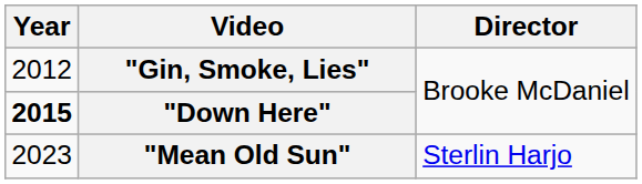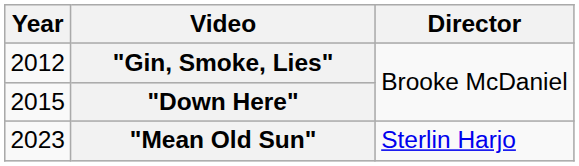 <table class="wikitable plainrowheaders">
 <tr>
 <th>Year</th>
 <th style="width:12em;">Video</th>
 <th>Director</th>
 </tr>
 <tr>
 <td>2012</td>
 <th scope="row">"Gin, Smoke, Lies"</th>
 <td rowspan="2">Brooke McDaniel</td>
 </tr>
 <tr>
-<td><strong>2015</strong></td>
+<td>2015</td>
 <th scope="row">"Down Here"</th>
 </tr>
 <tr>
 <td>2023</td>
 <th scope="row">"Mean Old Sun"</th>
 <td><a href='#'>Sterlin Harjo</a></td>
 </tr>
 </table>
